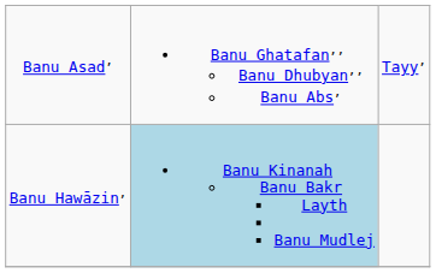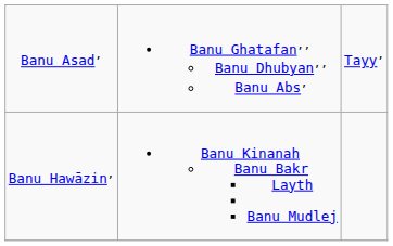 <table class="wikitable" style="margin: auto;text-align: center;">
 <tr>
 <td><a href='#'>Banu Asad</a><sup>,</sup></td>
 <td><br><ul><li><a href='#'>Banu Ghatafan</a><sup>,</sup><sup>,</sup><ul><li><a href='#'>Banu Dhubyan</a><sup>,</sup><sup>,</sup></li><li><a href='#'>Banu Abs</a><sup>,</sup></li></ul></li></ul></td>
 <td><a href='#'>Tayy</a><sup>,</sup></td>
 </tr>
 <tr>
 <td><a href='#'>Banu Hawāzin</a><sup>,</sup></td>
-<td style="background: lightblue;"><br><ul><li><a href='#'>Banu Kinanah</a><ul><li><a href='#'>Banu Bakr</a><ul><li><a href='#'>Layth</a></li><li></li><li><a href='#'>Banu Mudlej</a></li></ul></li></ul></li></ul></td>
+<td><br><ul><li><a href='#'>Banu Kinanah</a><ul><li><a href='#'>Banu Bakr</a><ul><li><a href='#'>Layth</a></li><li></li><li><a href='#'>Banu Mudlej</a></li></ul></li></ul></li></ul></td>
 <td></td>
 </tr>
 <tr>
 </tr>
 </table>
